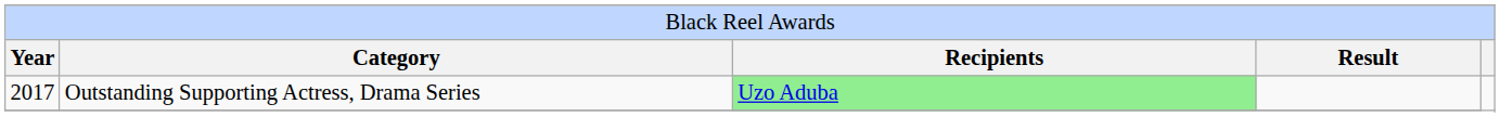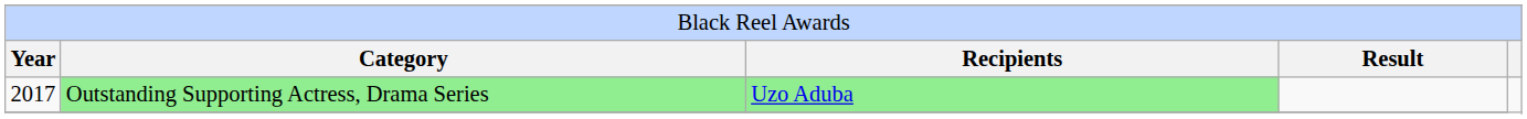 <table class="wikitable plainrowheaders" style="font-size: 100%; width:85%">
 <tr>
 </tr>
 <tr ---- bgcolor="#bfd7ff">
 <td colspan=6 align=center>Black Reel Awards</td>
 </tr>
 <tr ---- bgcolor="#ebf5ff">
 <th scope="col" style="width:2%;">Year</th>
 <th scope="col" style="width:45%;">Category</th>
 <th scope="col" style="width:35%;">Recipients</th>
 <th scope="col" style="width:15%;">Result</th>
 <th scope="col" class="unsortable" style="width:1%;"></th>
 </tr>
 <tr>
 <td style="text-align:center;">2017</td>
-<td>Outstanding Supporting Actress, Drama Series</td>
+<td style="background: lightgreen;">Outstanding Supporting Actress, Drama Series</td>
 <td style="background: lightgreen;"><a href='#'>Uzo Aduba</a></td>
 <td></td>
 <td rowspan=2 style="text-align:center;"></td>
 </tr>
 <tr>
 </tr>
 </table>
